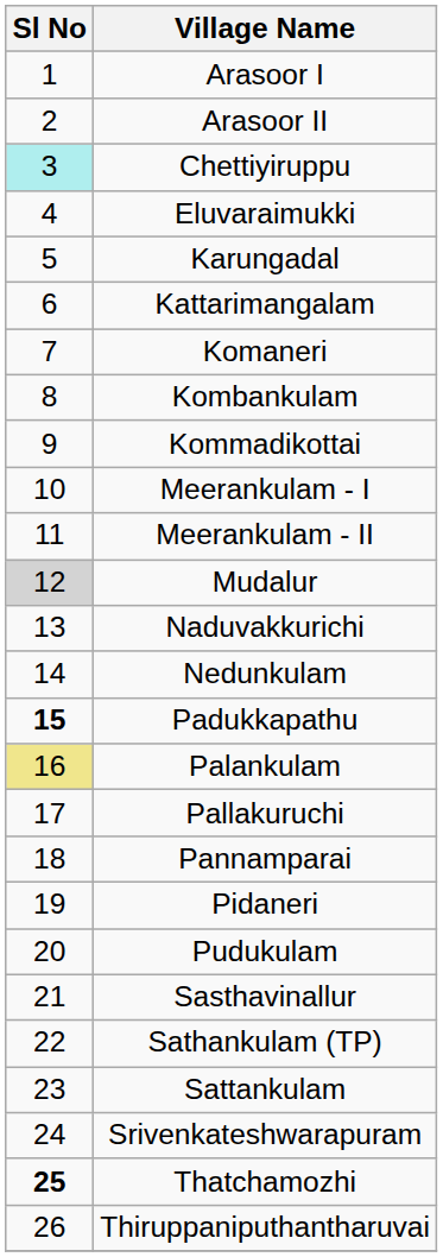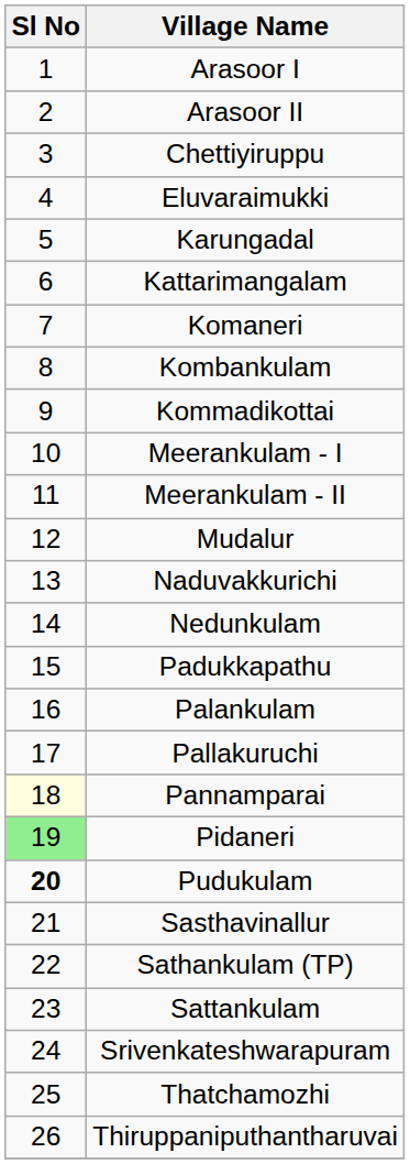 <table class="wikitable" style="text-align:center;">
 <tr>
 <th>Sl No</th>
 <th>Village Name</th>
 </tr>
 <tr>
 <td>1</td>
 <td>Arasoor I</td>
 </tr>
 <tr>
 <td>2</td>
 <td>Arasoor II</td>
 </tr>
 <tr>
-<td style="background: paleturquoise;">3</td>
+<td>3</td>
 <td>Chettiyiruppu</td>
 </tr>
 <tr>
 <td>4</td>
 <td>Eluvaraimukki</td>
 </tr>
 <tr>
 <td>5</td>
 <td>Karungadal</td>
 </tr>
 <tr>
 <td>6</td>
 <td>Kattarimangalam</td>
 </tr>
 <tr>
 <td>7</td>
 <td>Komaneri</td>
 </tr>
 <tr>
 <td>8</td>
 <td>Kombankulam</td>
 </tr>
 <tr>
 <td>9</td>
 <td>Kommadikottai</td>
 </tr>
 <tr>
 <td>10</td>
 <td>Meerankulam - I</td>
 </tr>
 <tr>
 <td>11</td>
 <td>Meerankulam - II</td>
 </tr>
 <tr>
-<td style="background: lightgrey;">12</td>
+<td>12</td>
 <td>Mudalur</td>
 </tr>
 <tr>
 <td>13</td>
 <td>Naduvakkurichi</td>
 </tr>
 <tr>
 <td>14</td>
 <td>Nedunkulam</td>
 </tr>
 <tr>
-<td><strong>15</strong></td>
+<td>15</td>
 <td>Padukkapathu</td>
 </tr>
 <tr>
-<td style="background: khaki;">16</td>
+<td>16</td>
 <td>Palankulam</td>
 </tr>
 <tr>
 <td>17</td>
 <td>Pallakuruchi</td>
 </tr>
 <tr>
-<td>18</td>
+<td style="background: lightyellow;">18</td>
 <td>Pannamparai</td>
 </tr>
 <tr>
-<td>19</td>
+<td style="background: lightgreen;">19</td>
 <td>Pidaneri</td>
 </tr>
 <tr>
-<td>20</td>
+<td><strong>20</strong></td>
 <td>Pudukulam</td>
 </tr>
 <tr>
 <td>21</td>
 <td>Sasthavinallur</td>
 </tr>
 <tr>
 <td>22</td>
 <td>Sathankulam (TP)</td>
 </tr>
 <tr>
 <td>23</td>
 <td>Sattankulam</td>
 </tr>
 <tr>
 <td>24</td>
 <td>Srivenkateshwarapuram</td>
 </tr>
 <tr>
-<td><strong>25</strong></td>
+<td>25</td>
 <td>Thatchamozhi</td>
 </tr>
 <tr>
 <td>26</td>
 <td>Thiruppaniputhantharuvai</td>
 </tr>
 <tr>
 </tr>
 </table>
